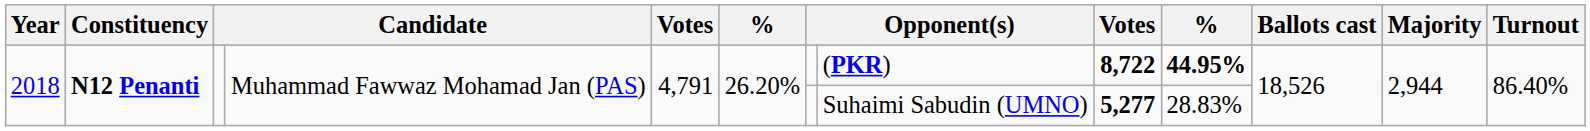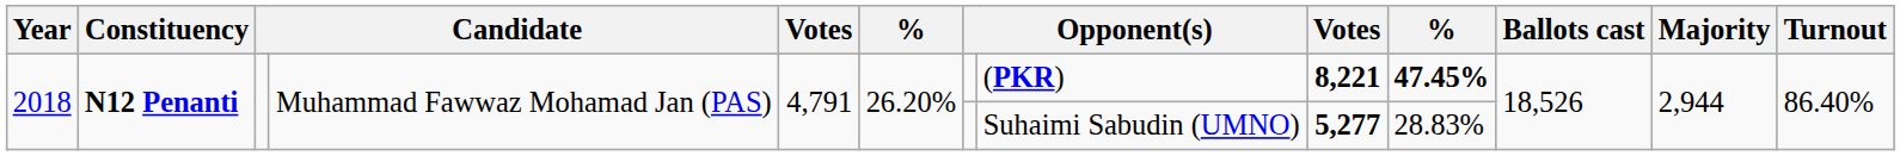 <table class="wikitable" style="margin:0.5em ; font-size:95%">
 <tr>
 <th>Year</th>
 <th>Constituency</th>
 <th colspan=2>Candidate</th>
 <th>Votes</th>
 <th>%</th>
 <th colspan=2>Opponent(s)</th>
 <th>Votes</th>
 <th>%</th>
 <th>Ballots cast</th>
 <th>Majority</th>
 <th>Turnout</th>
 </tr>
 <tr>
 <td rowspan=2><a href='#'>2018</a></td>
 <td rowspan=2><strong>N12 <a href='#'>Penanti</a></strong></td>
 <td rowspan=2 ></td>
 <td rowspan=2>Muhammad Fawwaz Mohamad Jan (<a href='#'>PAS</a>)</td>
 <td rowspan=2 align="right">4,791</td>
 <td rowspan=2>26.20%</td>
 <td></td>
 <td> (<a href='#'><strong>PKR</strong></a>)</td>
-<td align="right"><strong>8,722</strong></td>
-<td><strong>44.95%</strong></td>
+<td align="right"><strong>8,221</strong></td>
+<td><strong>47.45%</strong></td>
 <td rowspan=2>18,526</td>
 <td rowspan=2>2,944</td>
 <td rowspan=2>86.40%</td>
 </tr>
 <tr>
 <td></td>
 <td>Suhaimi Sabudin (<a href='#'>UMNO</a>)</td>
 <td align="right"><strong>5,277</strong></td>
 <td>28.83%</td>
 </tr>
 </table>
